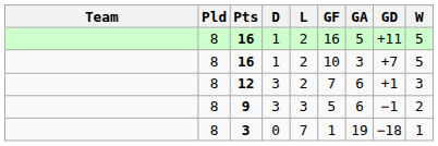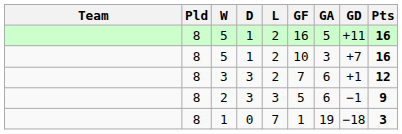 <table class="wikitable" style="text-align: center;">
 <tr>
 <th width="175">Team</th>
 <th width="20">Pld</th>
-<th width="20">Pts</th>
+<th width="20">W</th>
 <th width="20">D</th>
 <th width="20">L</th>
 <th width="20">GF</th>
 <th width="20">GA</th>
 <th width="20">GD</th>
-<th width="20">W</th>
+<th width="20">Pts</th>
 </tr>
 <tr bgcolor="#ccffcc">
 <td align="left"></td>
 <td>8</td>
-<td><strong>16</strong></td>
+<td>5</td>
 <td>1</td>
 <td>2</td>
 <td>16</td>
 <td>5</td>
 <td>+11</td>
-<td>5</td>
+<td><strong>16</strong></td>
 </tr>
 <tr>
 <td align="left"></td>
 <td>8</td>
-<td><strong>16</strong></td>
+<td>5</td>
 <td>1</td>
 <td>2</td>
 <td>10</td>
 <td>3</td>
 <td>+7</td>
-<td>5</td>
+<td><strong>16</strong></td>
 </tr>
 <tr>
 <td align="left"></td>
 <td>8</td>
-<td><strong>12</strong></td>
+<td>3</td>
 <td>3</td>
 <td>2</td>
 <td>7</td>
 <td>6</td>
 <td>+1</td>
-<td>3</td>
+<td><strong>12</strong></td>
 </tr>
 <tr>
 <td align="left"></td>
 <td>8</td>
-<td><strong>9</strong></td>
+<td>2</td>
 <td>3</td>
 <td>3</td>
 <td>5</td>
 <td>6</td>
 <td>−1</td>
-<td>2</td>
+<td><strong>9</strong></td>
 </tr>
 <tr>
 <td align="left"></td>
 <td>8</td>
-<td><strong>3</strong></td>
+<td>1</td>
 <td>0</td>
 <td>7</td>
 <td>1</td>
 <td>19</td>
 <td>−18</td>
-<td>1</td>
+<td><strong>3</strong></td>
 </tr>
 </table>
